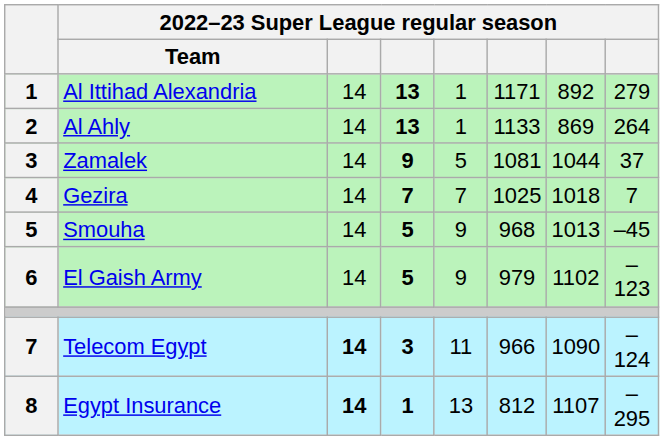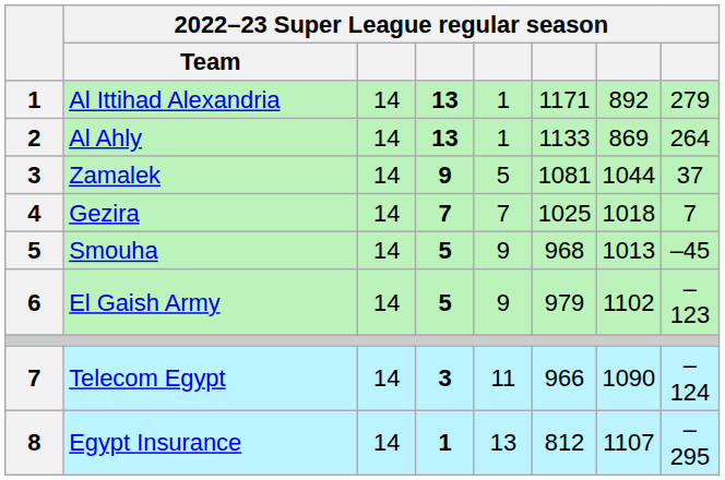 <table class="wikitable" style="font-size:95%; text-align:center">
 <tr>
 <th rowspan="2" width="30px"></th>
 <th colspan="7" style="text-align:center"><strong>2022–23 Super League regular season</strong></th>
 </tr>
 <tr>
 <th width="180px">Team</th>
 <th width="30px"></th>
 <th width="30px"></th>
 <th width="30px"></th>
 <th width="30px"></th>
 <th width="30px"></th>
 <th width="30px"></th>
 </tr>
 <tr style="background-color:#BBF3BB;">
 <th>1</th>
 <td style="text-align:left;"><a href='#'>Al Ittihad Alexandria</a></td>
 <td>14</td>
 <td><strong>13</strong></td>
 <td>1</td>
 <td>1171</td>
 <td>892</td>
 <td>279</td>
 </tr>
 <tr style="background-color:#BBF3BB;">
 <th>2</th>
 <td style="text-align:left;"><a href='#'>Al Ahly</a></td>
 <td>14</td>
 <td><strong>13</strong></td>
 <td>1</td>
 <td>1133</td>
 <td>869</td>
 <td>264</td>
 </tr>
 <tr style="background-color:#BBF3BB;">
 <th>3</th>
 <td style="text-align:left;"><a href='#'>Zamalek</a></td>
 <td>14</td>
 <td><strong>9</strong></td>
 <td>5</td>
 <td>1081</td>
 <td>1044</td>
 <td>37</td>
 </tr>
 <tr style="background-color:#BBF3BB;">
 <th>4</th>
 <td style="text-align:left;"><a href='#'>Gezira</a></td>
 <td>14</td>
 <td><strong>7</strong></td>
 <td>7</td>
 <td>1025</td>
 <td>1018</td>
 <td>7</td>
 </tr>
 <tr bgcolor="#BBF3BB">
 <th>5</th>
 <td style="text-align:left;"><a href='#'>Smouha</a></td>
 <td>14</td>
 <td><strong>5</strong></td>
 <td>9</td>
 <td>968</td>
 <td>1013</td>
 <td>–45</td>
 </tr>
 <tr bgcolor="#BBF3BB">
 <th>6</th>
 <td style="text-align:left;"><a href='#'>El Gaish Army</a></td>
 <td>14</td>
 <td><strong>5</strong></td>
 <td>9</td>
 <td>979</td>
 <td>1102</td>
 <td>–123</td>
 </tr>
 <tr style="background-color:#CCCCCC">
 <td colspan="8"></td>
 </tr>
 <tr bgcolor="#BBF3FF">
 <th>7</th>
 <td style="text-align:left;"><a href='#'>Telecom Egypt</a></td>
-<td><strong>14</strong></td>
+<td>14</td>
 <td><strong>3</strong></td>
 <td>11</td>
 <td>966</td>
 <td>1090</td>
 <td>–124</td>
 </tr>
 <tr bgcolor="#BBF3FF">
 <th>8</th>
 <td style="text-align:left;"><a href='#'>Egypt Insurance</a></td>
-<td><strong>14</strong></td>
+<td>14</td>
 <td><strong>1</strong></td>
 <td>13</td>
 <td>812</td>
 <td>1107</td>
 <td>–295</td>
 </tr>
 </table>
